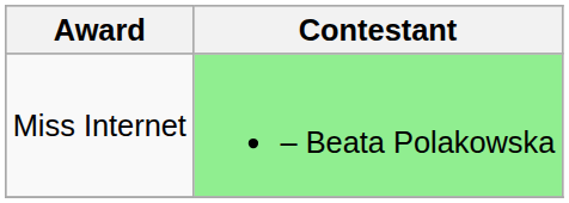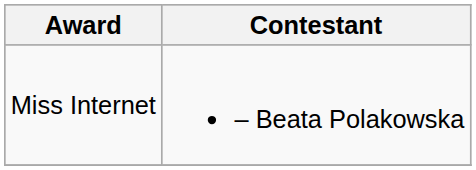 <table class="wikitable unsortable" style="font-size:95%;">
 <tr>
 <th>Award</th>
 <th>Contestant</th>
 </tr>
 <tr>
 <td>Miss Internet</td>
-<td style="background: lightgreen;"><br><ul><li> – Beata Polakowska</li></ul></td>
+<td><br><ul><li> – Beata Polakowska</li></ul></td>
 </tr>
 <tr>
 </tr>
 </table>
